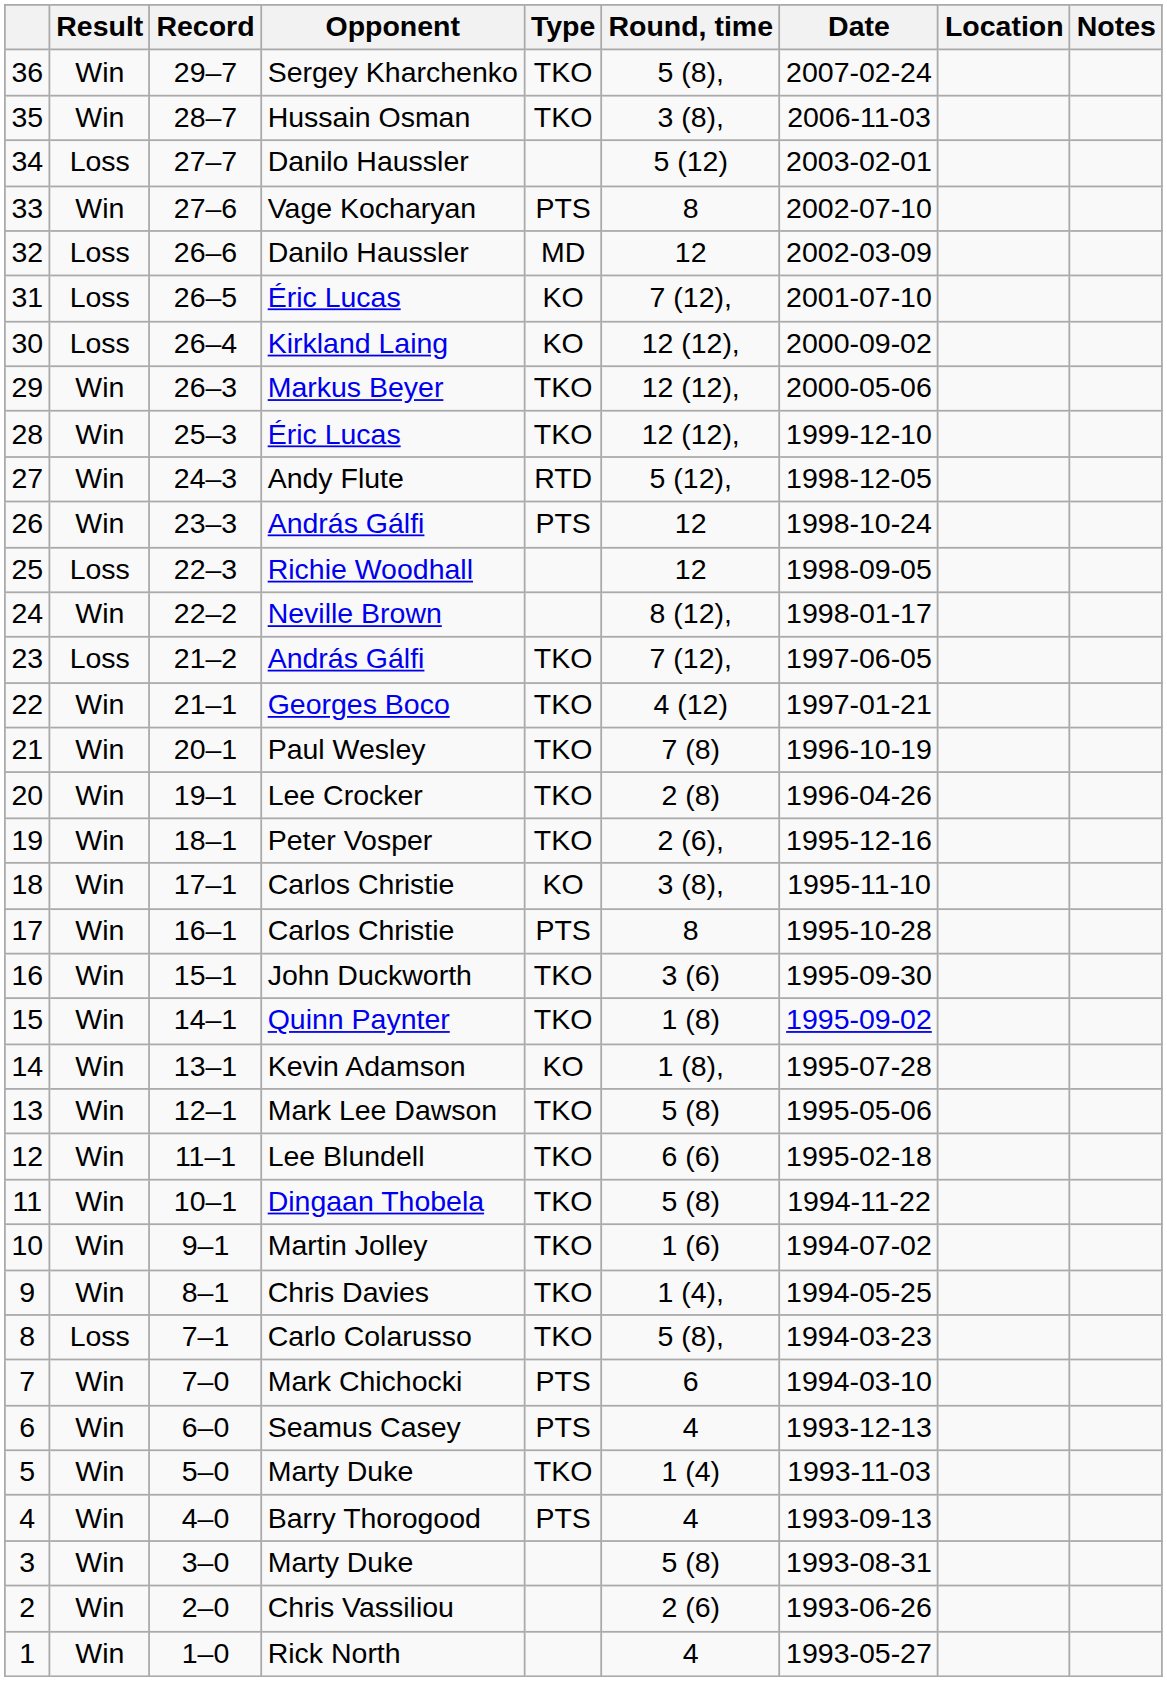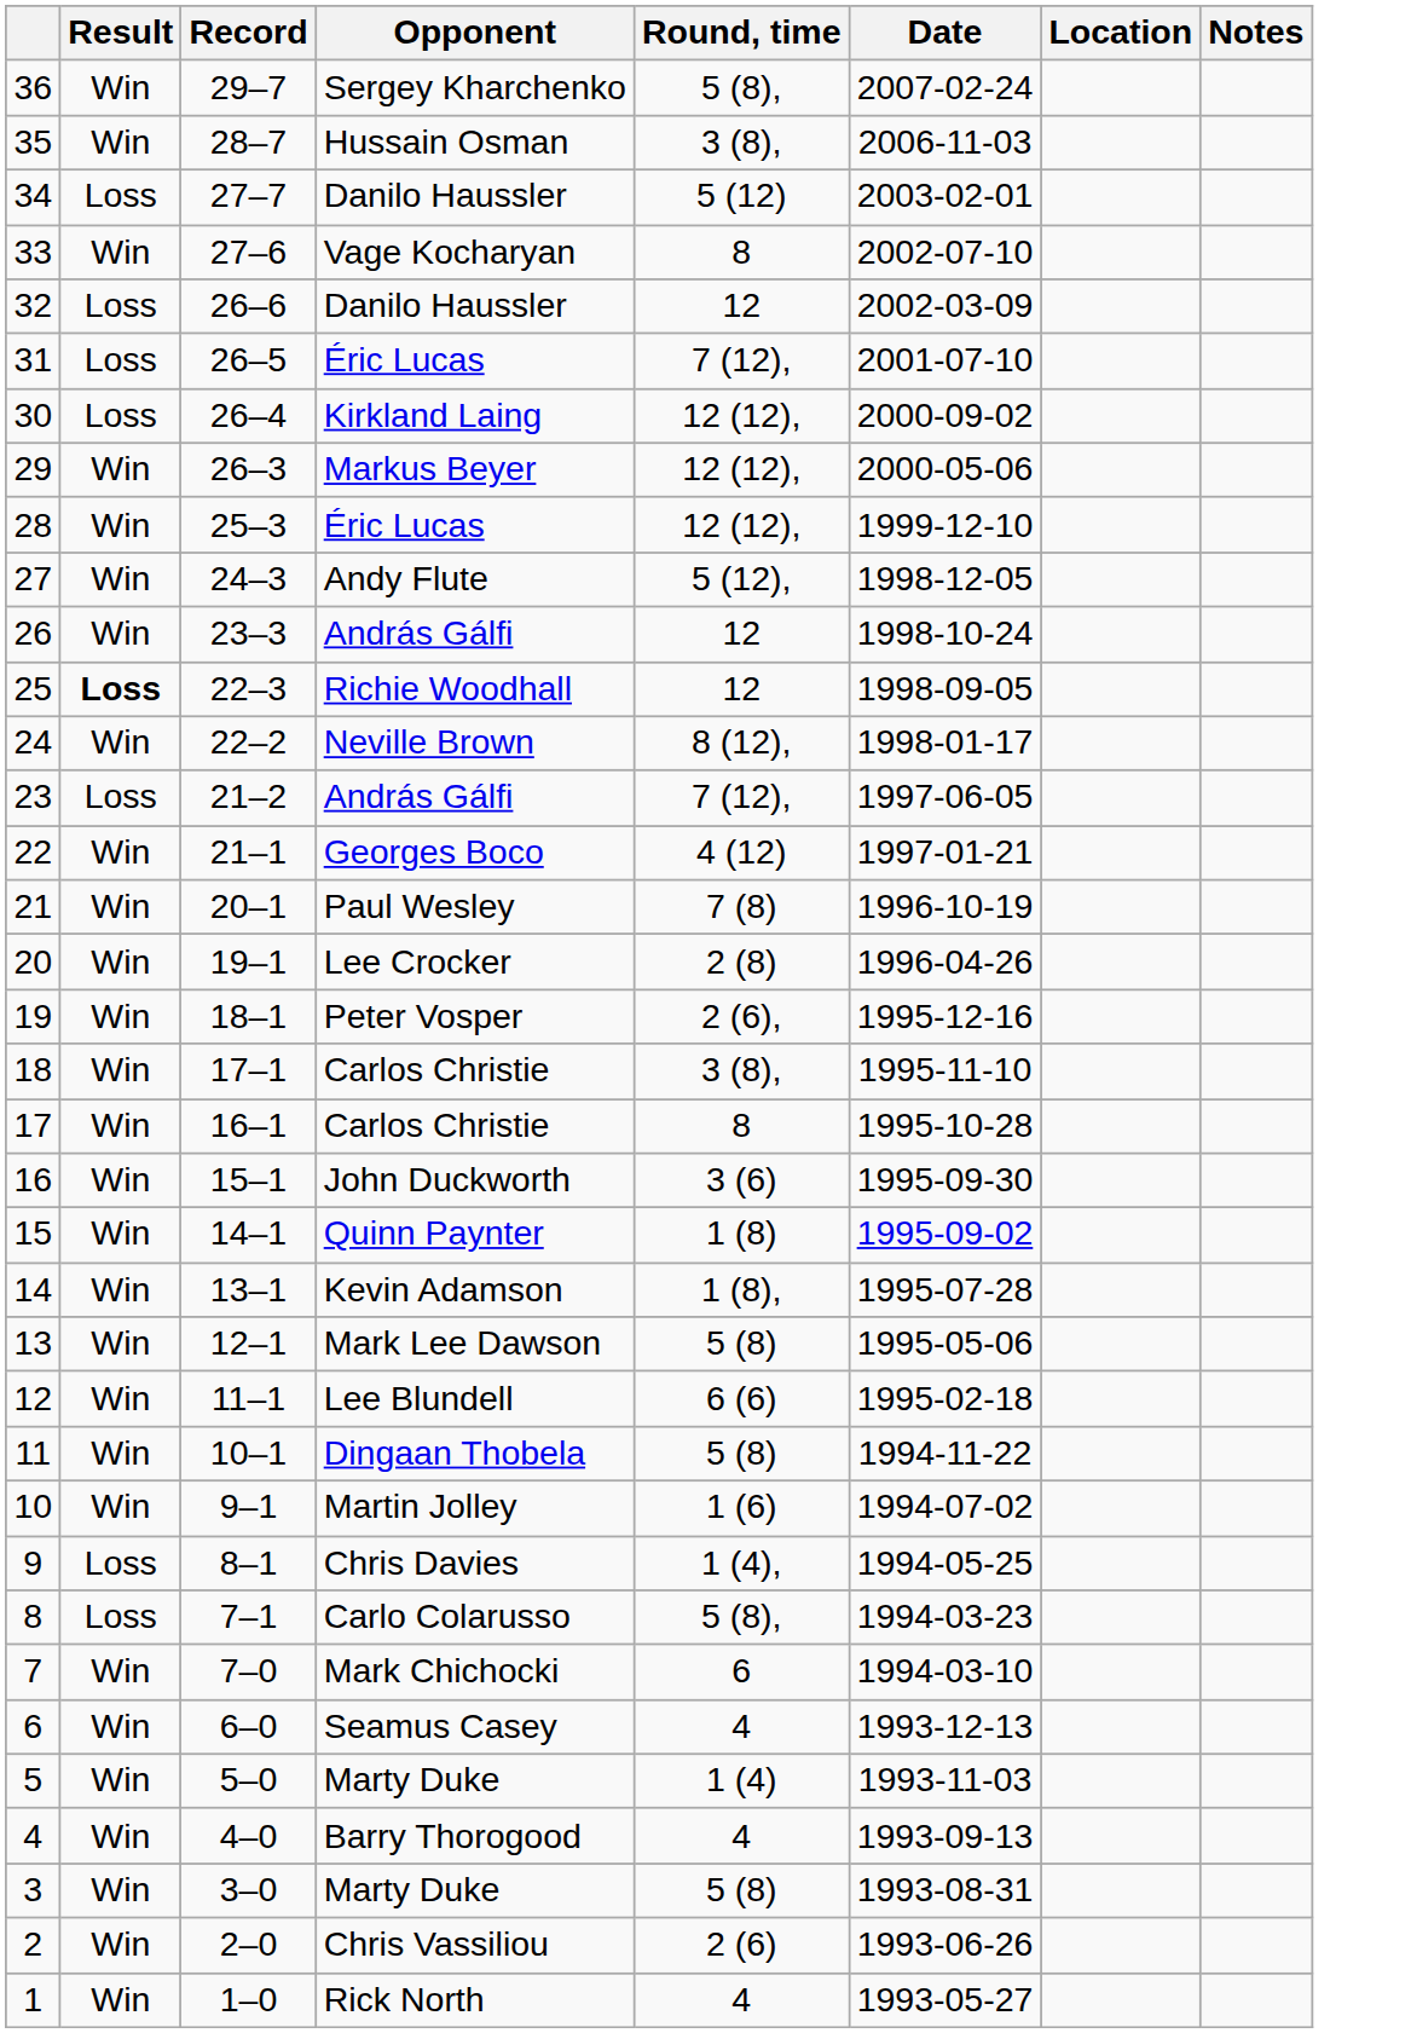 <table class="wikitable" style="text-align:center">
 <tr>
 <th></th>
 <th>Result</th>
 <th>Record</th>
 <th>Opponent</th>
-<th>Type</th>
 <th>Round, time</th>
 <th>Date</th>
 <th>Location</th>
 <th>Notes</th>
 </tr>
 <tr>
 <td>36</td>
 <td>Win</td>
 <td>29–7</td>
 <td align=left>Sergey Kharchenko</td>
-<td>TKO</td>
 <td>5 (8), </td>
 <td>2007-02-24</td>
 <td align=left></td>
 <td align=left></td>
 </tr>
 <tr>
 <td>35</td>
 <td>Win</td>
 <td>28–7</td>
 <td align=left>Hussain Osman</td>
-<td>TKO</td>
 <td>3 (8), </td>
 <td>2006-11-03</td>
 <td align=left></td>
 <td align=left></td>
 </tr>
 <tr>
 <td>34</td>
 <td>Loss</td>
 <td>27–7</td>
 <td align=left>Danilo Haussler</td>
-<td></td>
 <td>5 (12)</td>
 <td>2003-02-01</td>
 <td align=left></td>
 <td align=left></td>
 </tr>
 <tr>
 <td>33</td>
 <td>Win</td>
 <td>27–6</td>
 <td align=left>Vage Kocharyan</td>
-<td>PTS</td>
 <td>8</td>
 <td>2002-07-10</td>
 <td align=left></td>
 <td align=left></td>
 </tr>
 <tr>
 <td>32</td>
 <td>Loss</td>
 <td>26–6</td>
 <td align=left>Danilo Haussler</td>
-<td>MD</td>
 <td>12</td>
 <td>2002-03-09</td>
 <td align=left></td>
 <td align=left></td>
 </tr>
 <tr>
 <td>31</td>
 <td>Loss</td>
 <td>26–5</td>
 <td align=left><a href='#'>Éric Lucas</a></td>
-<td>KO</td>
 <td>7 (12), </td>
 <td>2001-07-10</td>
 <td align=left></td>
 <td align=left></td>
 </tr>
 <tr>
 <td>30</td>
 <td>Loss</td>
 <td>26–4</td>
 <td align=left><a href='#'>Kirkland Laing</a></td>
-<td>KO</td>
 <td>12 (12), </td>
 <td>2000-09-02</td>
 <td align=left></td>
 <td align=left></td>
 </tr>
 <tr>
 <td>29</td>
 <td>Win</td>
 <td>26–3</td>
 <td align=left><a href='#'>Markus Beyer</a></td>
-<td>TKO</td>
 <td>12 (12), </td>
 <td>2000-05-06</td>
 <td align=left></td>
 <td align=left></td>
 </tr>
 <tr>
 <td>28</td>
 <td>Win</td>
 <td>25–3</td>
 <td align=left><a href='#'>Éric Lucas</a></td>
-<td>TKO</td>
 <td>12 (12), </td>
 <td>1999-12-10</td>
 <td align=left></td>
 <td align=left></td>
 </tr>
 <tr>
 <td>27</td>
 <td>Win</td>
 <td>24–3</td>
 <td align=left>Andy Flute</td>
-<td>RTD</td>
 <td>5 (12), </td>
 <td>1998-12-05</td>
 <td align=left></td>
 <td align=left></td>
 </tr>
 <tr>
 <td>26</td>
 <td>Win</td>
 <td>23–3</td>
 <td align=left><a href='#'>András Gálfi</a></td>
-<td>PTS</td>
 <td>12</td>
 <td>1998-10-24</td>
 <td align=left></td>
 <td align=left></td>
 </tr>
 <tr>
 <td>25</td>
-<td>Loss</td>
+<td><strong>Loss</strong></td>
 <td>22–3</td>
 <td align=left><a href='#'>Richie Woodhall</a></td>
-<td></td>
 <td>12</td>
 <td>1998-09-05</td>
 <td align=left></td>
 <td align=left></td>
 </tr>
 <tr>
 <td>24</td>
 <td>Win</td>
 <td>22–2</td>
 <td align=left><a href='#'>Neville Brown</a></td>
-<td></td>
 <td>8 (12), </td>
 <td>1998-01-17</td>
 <td align=left></td>
 <td align=left></td>
 </tr>
 <tr>
 <td>23</td>
 <td>Loss</td>
 <td>21–2</td>
 <td align=left><a href='#'>András Gálfi</a></td>
-<td>TKO</td>
 <td>7 (12), </td>
 <td>1997-06-05</td>
 <td align=left></td>
 <td align=left></td>
 </tr>
 <tr>
 <td>22</td>
 <td>Win</td>
 <td>21–1</td>
 <td align=left><a href='#'>Georges Boco</a></td>
-<td>TKO</td>
 <td>4 (12)</td>
 <td>1997-01-21</td>
 <td align=left></td>
 <td align=left></td>
 </tr>
 <tr>
 <td>21</td>
 <td>Win</td>
 <td>20–1</td>
 <td align=left>Paul Wesley</td>
-<td>TKO</td>
 <td>7 (8)</td>
 <td>1996-10-19</td>
 <td align=left></td>
 <td align=left></td>
 </tr>
 <tr>
 <td>20</td>
 <td>Win</td>
 <td>19–1</td>
 <td align=left>Lee Crocker</td>
-<td>TKO</td>
 <td>2 (8)</td>
 <td>1996-04-26</td>
 <td align=left></td>
 <td align=left></td>
 </tr>
 <tr>
 <td>19</td>
 <td>Win</td>
 <td>18–1</td>
 <td align=left>Peter Vosper</td>
-<td>TKO</td>
 <td>2 (6), </td>
 <td>1995-12-16</td>
 <td align=left></td>
 <td align=left></td>
 </tr>
 <tr>
 <td>18</td>
 <td>Win</td>
 <td>17–1</td>
 <td align=left>Carlos Christie</td>
-<td>KO</td>
 <td>3 (8), </td>
 <td>1995-11-10</td>
 <td align=left></td>
 <td align=left></td>
 </tr>
 <tr>
 <td>17</td>
 <td>Win</td>
 <td>16–1</td>
 <td align=left>Carlos Christie</td>
-<td>PTS</td>
 <td>8</td>
 <td>1995-10-28</td>
 <td align=left></td>
 <td align=left></td>
 </tr>
 <tr>
 <td>16</td>
 <td>Win</td>
 <td>15–1</td>
 <td align=left>John Duckworth</td>
-<td>TKO</td>
 <td>3 (6)</td>
 <td>1995-09-30</td>
 <td align=left></td>
 <td align=left></td>
 </tr>
 <tr>
 <td>15</td>
 <td>Win</td>
 <td>14–1</td>
 <td align=left><a href='#'>Quinn Paynter</a></td>
-<td>TKO</td>
 <td>1 (8)</td>
 <td><a href='#'>1995-09-02</a></td>
 <td align=left></td>
 <td align=left></td>
 </tr>
 <tr>
 <td>14</td>
 <td>Win</td>
 <td>13–1</td>
 <td align=left>Kevin Adamson</td>
-<td>KO</td>
 <td>1 (8), </td>
 <td>1995-07-28</td>
 <td align=left></td>
 <td align=left></td>
 </tr>
 <tr>
 <td>13</td>
 <td>Win</td>
 <td>12–1</td>
 <td align=left>Mark Lee Dawson</td>
-<td>TKO</td>
 <td>5 (8)</td>
 <td>1995-05-06</td>
 <td align=left></td>
 <td align=left></td>
 </tr>
 <tr>
 <td>12</td>
 <td>Win</td>
 <td>11–1</td>
 <td align=left>Lee Blundell</td>
-<td>TKO</td>
 <td>6 (6)</td>
 <td>1995-02-18</td>
 <td align=left></td>
 <td align=left></td>
 </tr>
 <tr>
 <td>11</td>
 <td>Win</td>
 <td>10–1</td>
 <td align=left><a href='#'>Dingaan Thobela</a></td>
-<td>TKO</td>
 <td>5 (8)</td>
 <td>1994-11-22</td>
 <td align=left></td>
 <td align=left></td>
 </tr>
 <tr>
 <td>10</td>
 <td>Win</td>
 <td>9–1</td>
 <td align=left>Martin Jolley</td>
-<td>TKO</td>
 <td>1 (6)</td>
 <td>1994-07-02</td>
 <td align=left></td>
 <td align=left></td>
 </tr>
 <tr>
 <td>9</td>
-<td>Win</td>
+<td>Loss</td>
 <td>8–1</td>
 <td align=left>Chris Davies</td>
-<td>TKO</td>
 <td>1 (4), </td>
 <td>1994-05-25</td>
 <td align=left></td>
 <td align=left></td>
 </tr>
 <tr>
 <td>8</td>
 <td>Loss</td>
 <td>7–1</td>
 <td align=left>Carlo Colarusso</td>
-<td>TKO</td>
 <td>5 (8), </td>
 <td>1994-03-23</td>
 <td align=left></td>
 <td align=left></td>
 </tr>
 <tr>
 <td>7</td>
 <td>Win</td>
 <td>7–0</td>
 <td align=left>Mark Chichocki</td>
-<td>PTS</td>
 <td>6</td>
 <td>1994-03-10</td>
 <td align=left></td>
 <td align=left></td>
 </tr>
 <tr>
 <td>6</td>
 <td>Win</td>
 <td>6–0</td>
 <td align=left>Seamus Casey</td>
-<td>PTS</td>
 <td>4</td>
 <td>1993-12-13</td>
 <td align=left></td>
 <td align=left></td>
 </tr>
 <tr>
 <td>5</td>
 <td>Win</td>
 <td>5–0</td>
 <td align=left>Marty Duke</td>
-<td>TKO</td>
 <td>1 (4)</td>
 <td>1993-11-03</td>
 <td align=left></td>
 <td align=left></td>
 </tr>
 <tr>
 <td>4</td>
 <td>Win</td>
 <td>4–0</td>
 <td align=left>Barry Thorogood</td>
-<td>PTS</td>
 <td>4</td>
 <td>1993-09-13</td>
 <td align=left></td>
 <td align=left></td>
 </tr>
 <tr>
 <td>3</td>
 <td>Win</td>
 <td>3–0</td>
 <td align=left>Marty Duke</td>
-<td></td>
 <td>5 (8)</td>
 <td>1993-08-31</td>
 <td align=left></td>
 <td align=left></td>
 </tr>
 <tr>
 <td>2</td>
 <td>Win</td>
 <td>2–0</td>
 <td align=left>Chris Vassiliou</td>
-<td></td>
 <td>2 (6)</td>
 <td>1993-06-26</td>
 <td align=left></td>
 <td align=left></td>
 </tr>
 <tr>
 <td>1</td>
 <td>Win</td>
 <td>1–0</td>
 <td align=left>Rick North</td>
-<td></td>
 <td>4</td>
 <td>1993-05-27</td>
 <td align=left></td>
 <td align=left></td>
 </tr>
 </table>
